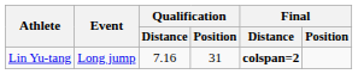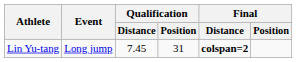 <table class=wikitable style=font-size:90%>
 <tr>
 <th rowspan=2>Athlete</th>
 <th rowspan=2>Event</th>
 <th colspan=2>Qualification</th>
 <th colspan=2>Final</th>
 </tr>
 <tr style=font-size:95%>
 <th>Distance</th>
 <th>Position</th>
 <th>Distance</th>
 <th>Position</th>
 </tr>
 <tr align=center>
 <td align=left><a href='#'>Lin Yu-tang</a></td>
 <td align=left><a href='#'>Long jump</a></td>
-<td>7.16</td>
+<td>7.45</td>
 <td>31</td>
 <td><strong>colspan=2 </strong></td>
 </tr>
 </table>
